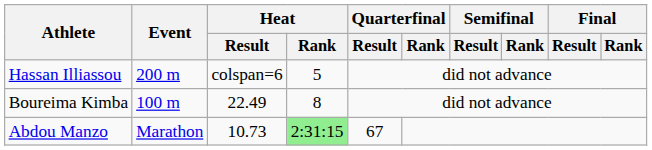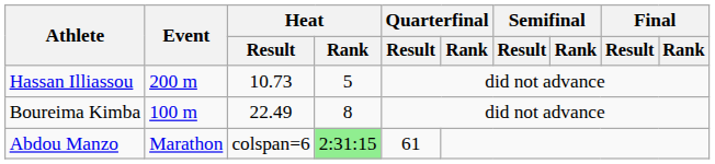 <table class="wikitable" style="font-size:90%">
 <tr>
 <th rowspan="2">Athlete</th>
 <th rowspan="2">Event</th>
 <th colspan="2">Heat</th>
 <th colspan="2">Quarterfinal</th>
 <th colspan="2">Semifinal</th>
 <th colspan="2">Final</th>
 </tr>
 <tr style="font-size:95%">
 <th>Result</th>
 <th>Rank</th>
 <th>Result</th>
 <th>Rank</th>
 <th>Result</th>
 <th>Rank</th>
 <th>Result</th>
 <th>Rank</th>
 </tr>
 <tr align=center>
 <td align=left><a href='#'>Hassan Illiassou</a></td>
 <td align=left><a href='#'>200 m</a></td>
-<td>colspan=6 </td>
+<td>10.73</td>
 <td>5</td>
 <td colspan=6>did not advance</td>
 </tr>
 <tr align=center>
 <td align=left>Boureima Kimba</td>
 <td align=left><a href='#'>100 m</a></td>
 <td>22.49</td>
 <td>8</td>
 <td colspan=6>did not advance</td>
 </tr>
 <tr align=center>
 <td align=left><a href='#'>Abdou Manzo</a></td>
 <td align=left><a href='#'>Marathon</a></td>
-<td>10.73</td>
+<td>colspan=6 </td>
 <td style="background: lightgreen;">2:31:15</td>
-<td>67</td>
+<td>61</td>
 </tr>
 </table>
